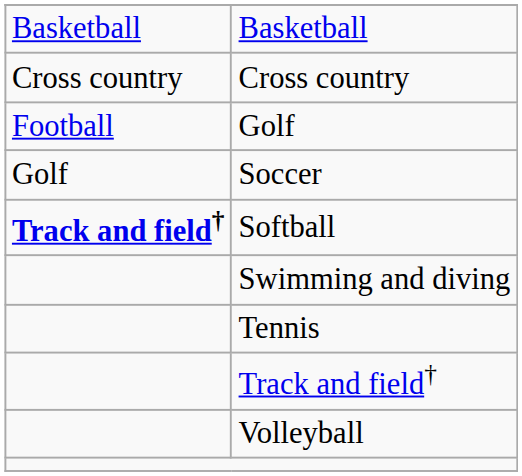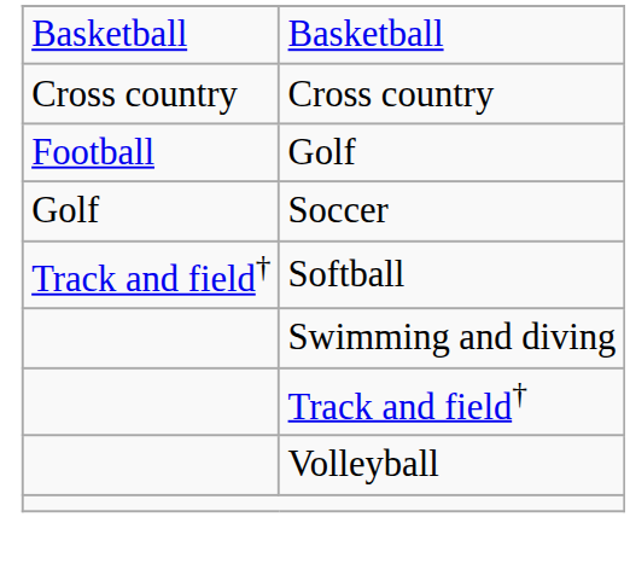 <table class="wikitable" style="float:right; clear:right; margin:0 0 1em 1em;">
 <tr>
 </tr>
 <tr>
 <td><a href='#'>Basketball</a></td>
 <td><a href='#'>Basketball</a></td>
 </tr>
 <tr>
 <td>Cross country</td>
 <td>Cross country</td>
 </tr>
 <tr>
 <td><a href='#'>Football</a></td>
 <td>Golf</td>
 </tr>
 <tr>
 <td>Golf</td>
 <td>Soccer</td>
 </tr>
 <tr>
-<td><strong><a href='#'>Track and field</a><sup>†</sup></strong></td>
+<td><a href='#'>Track and field</a><sup>†</sup></td>
 <td>Softball</td>
 </tr>
 <tr>
 <td></td>
 <td>Swimming and diving</td>
-</tr>
-<tr>
-<td></td>
-<td>Tennis</td>
 </tr>
 <tr>
 <td></td>
 <td><a href='#'>Track and field</a><sup>†</sup></td>
 </tr>
 <tr>
 <td></td>
 <td>Volleyball</td>
 </tr>
 <tr>
 <td colspan="2"></td>
 </tr>
 </table>
